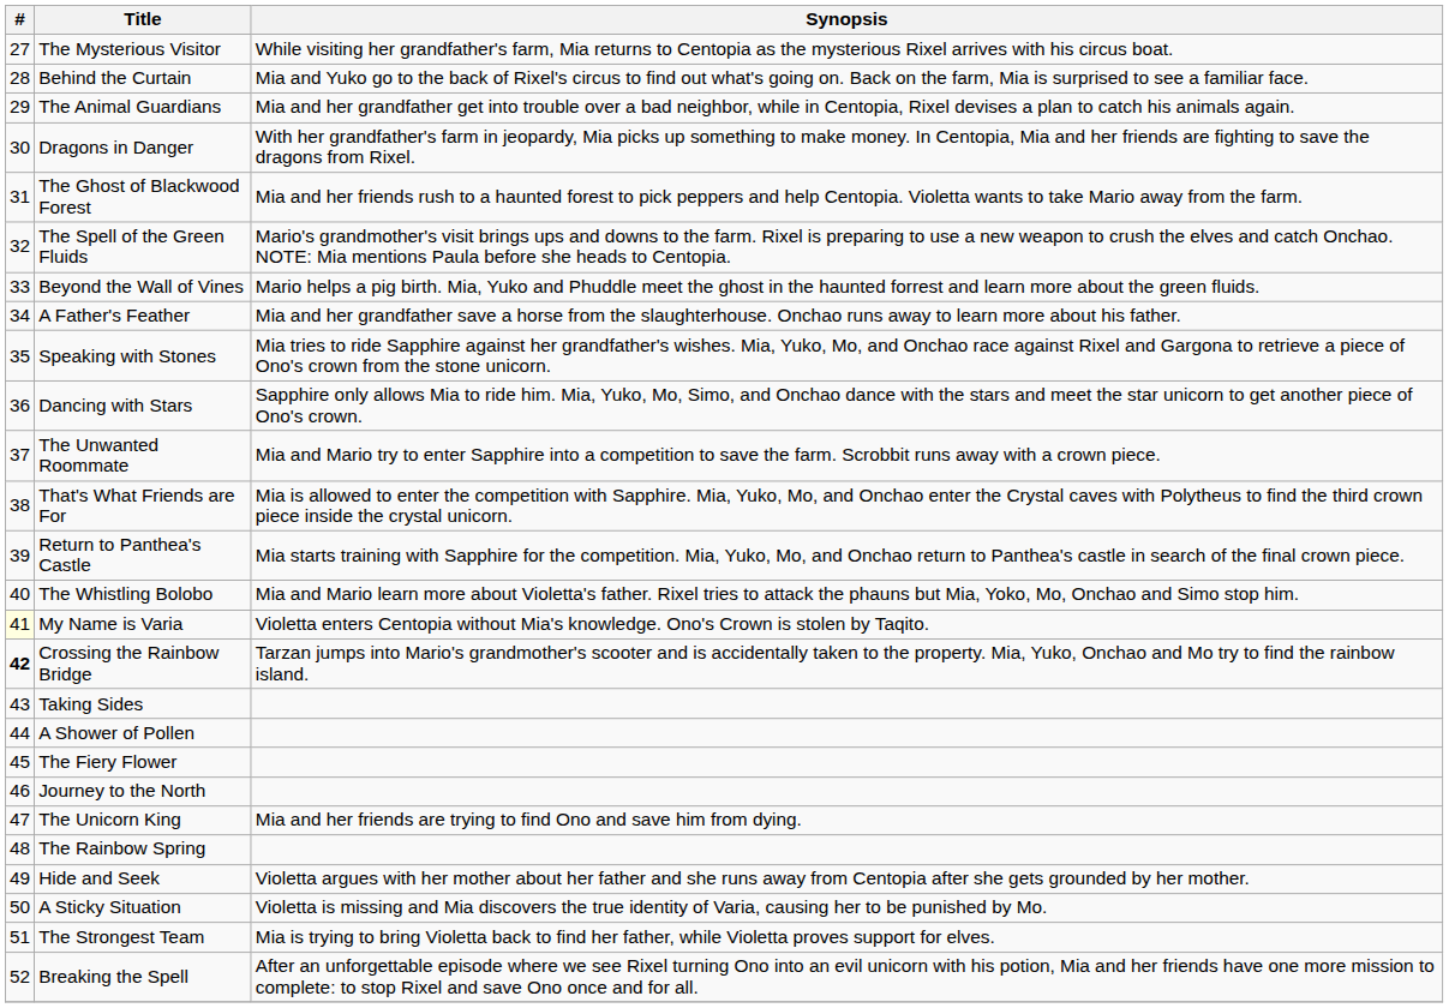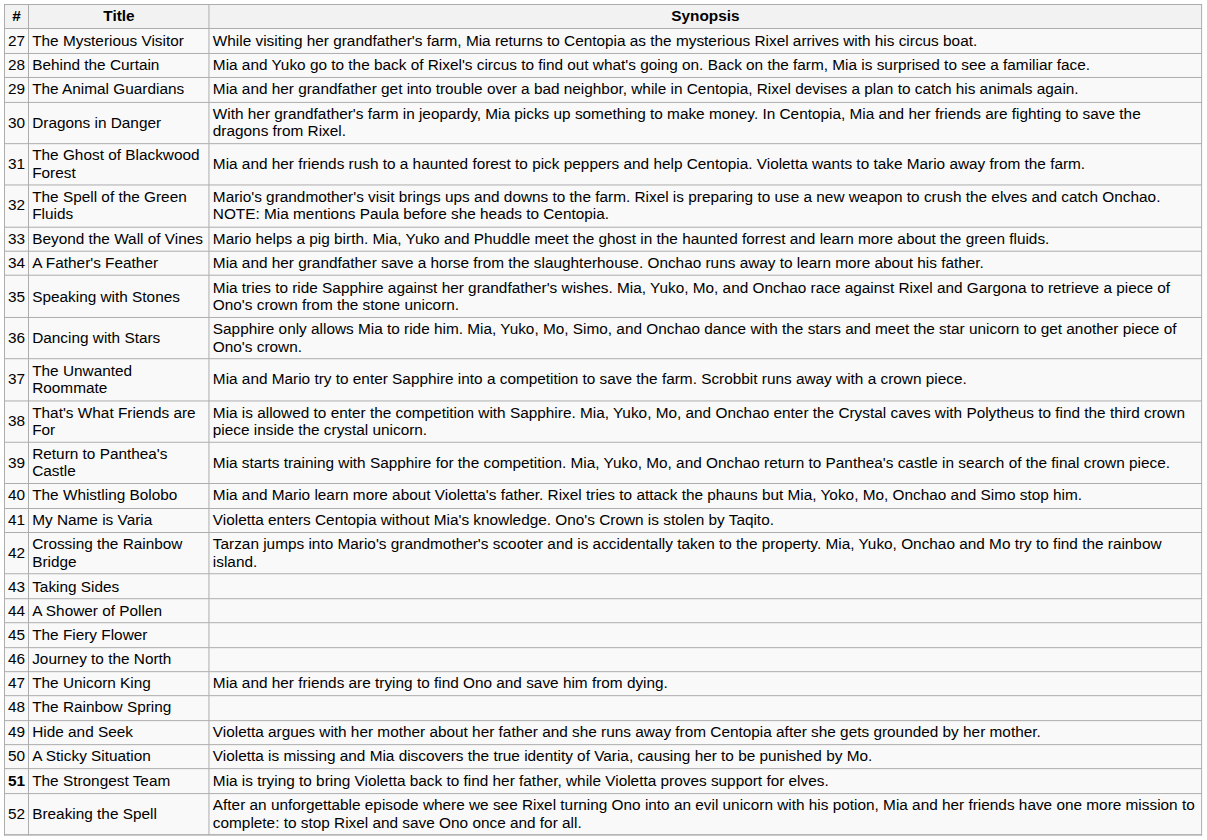 <table class="wikitable">
 <tr>
 <th>#</th>
 <th>Title</th>
 <th>Synopsis</th>
 </tr>
 <tr>
 <td>27</td>
 <td>The Mysterious Visitor</td>
 <td>While visiting her grandfather's farm, Mia returns to Centopia as the mysterious Rixel arrives with his circus boat.</td>
 </tr>
 <tr>
 <td>28</td>
 <td>Behind the Curtain</td>
 <td>Mia and Yuko go to the back of Rixel's circus to find out what's going on. Back on the farm, Mia is surprised to see a familiar face.</td>
 </tr>
 <tr>
 <td>29</td>
 <td>The Animal Guardians</td>
 <td>Mia and her grandfather get into trouble over a bad neighbor, while in Centopia, Rixel devises a plan to catch his animals again.</td>
 </tr>
 <tr>
 <td>30</td>
 <td>Dragons in Danger</td>
 <td>With her grandfather's farm in jeopardy, Mia picks up something to make money. In Centopia, Mia and her friends are fighting to save the dragons from Rixel.</td>
 </tr>
 <tr>
 <td>31</td>
 <td>The Ghost of Blackwood Forest</td>
 <td>Mia and her friends rush to a haunted forest to pick peppers and help Centopia. Violetta wants to take Mario away from the farm.</td>
 </tr>
 <tr>
 <td>32</td>
 <td>The Spell of the Green Fluids</td>
 <td>Mario's grandmother's visit brings ups and downs to the farm. Rixel is preparing to use a new weapon to crush the elves and catch Onchao.<br>NOTE: Mia mentions Paula before she heads to Centopia.<br></td>
 </tr>
 <tr>
 <td>33</td>
 <td>Beyond the Wall of Vines</td>
 <td>Mario helps a pig birth. Mia, Yuko and Phuddle meet the ghost in the haunted forrest and learn more about the green fluids.</td>
 </tr>
 <tr>
 <td>34</td>
 <td>A Father's Feather</td>
 <td>Mia and her grandfather save a horse from the slaughterhouse. Onchao runs away to learn more about his father.</td>
 </tr>
 <tr>
 <td>35</td>
 <td>Speaking with Stones</td>
 <td>Mia tries to ride Sapphire against her grandfather's wishes. Mia, Yuko, Mo, and Onchao race against Rixel and Gargona to retrieve a piece of Ono's crown from the stone unicorn.</td>
 </tr>
 <tr>
 <td>36</td>
 <td>Dancing with Stars</td>
 <td>Sapphire only allows Mia to ride him. Mia, Yuko, Mo, Simo, and Onchao dance with the stars and meet the star unicorn to get another piece of Ono's crown.</td>
 </tr>
 <tr>
 <td>37</td>
 <td>The Unwanted Roommate</td>
 <td>Mia and Mario try to enter Sapphire into a competition to save the farm. Scrobbit runs away with a crown piece.</td>
 </tr>
 <tr>
 <td>38</td>
 <td>That's What Friends are For</td>
 <td>Mia is allowed to enter the competition with Sapphire. Mia, Yuko, Mo, and Onchao enter the Crystal caves with Polytheus to find the third crown piece inside the crystal unicorn.</td>
 </tr>
 <tr>
 <td>39</td>
 <td>Return to Panthea's Castle</td>
 <td>Mia starts training with Sapphire for the competition. Mia, Yuko, Mo, and Onchao return to Panthea's castle in search of the final crown piece.</td>
 </tr>
 <tr>
 <td>40</td>
 <td>The Whistling Bolobo</td>
 <td>Mia and Mario learn more about Violetta's father. Rixel tries to attack the phauns but Mia, Yoko, Mo, Onchao and Simo stop him.</td>
 </tr>
 <tr>
-<td style="background: lightyellow;">41</td>
+<td>41</td>
 <td>My Name is Varia</td>
 <td>Violetta enters Centopia without Mia's knowledge. Ono's Crown is stolen by Taqito.</td>
 </tr>
 <tr>
-<td><strong>42</strong></td>
+<td>42</td>
 <td>Crossing the Rainbow Bridge</td>
 <td>Tarzan jumps into Mario's grandmother's scooter and is accidentally taken to the property. Mia, Yuko, Onchao and Mo try to find the rainbow island.</td>
 </tr>
 <tr>
 <td>43</td>
 <td>Taking Sides</td>
 <td></td>
 </tr>
 <tr>
 <td>44</td>
 <td>A Shower of Pollen</td>
 <td></td>
 </tr>
 <tr>
 <td>45</td>
 <td>The Fiery Flower</td>
 <td></td>
 </tr>
 <tr>
 <td>46</td>
 <td>Journey to the North</td>
 <td></td>
 </tr>
 <tr>
 <td>47</td>
 <td>The Unicorn King</td>
 <td>Mia and her friends are trying to find Ono and save him from dying.</td>
 </tr>
 <tr>
 <td>48</td>
 <td>The Rainbow Spring</td>
 <td></td>
 </tr>
 <tr>
 <td>49</td>
 <td>Hide and Seek</td>
 <td>Violetta argues with her mother about her father and she runs away from Centopia after she gets grounded by her mother.</td>
 </tr>
 <tr>
 <td>50</td>
 <td>A Sticky Situation</td>
 <td>Violetta is missing and Mia discovers the true identity of Varia, causing her to be punished by Mo.</td>
 </tr>
 <tr>
-<td>51</td>
+<td><strong>51</strong></td>
 <td>The Strongest Team</td>
 <td>Mia is trying to bring Violetta back to find her father, while Violetta proves support for elves.</td>
 </tr>
 <tr>
 <td>52</td>
 <td>Breaking the Spell</td>
 <td>After an unforgettable episode where we see Rixel turning Ono into an evil unicorn with his potion, Mia and her friends have one more mission to complete: to stop Rixel and save Ono once and for all.</td>
 </tr>
 <tr>
 </tr>
 </table>
